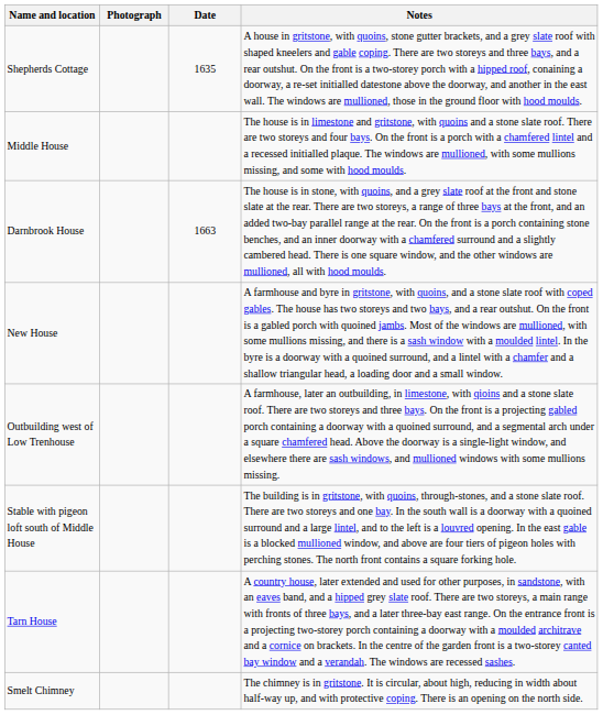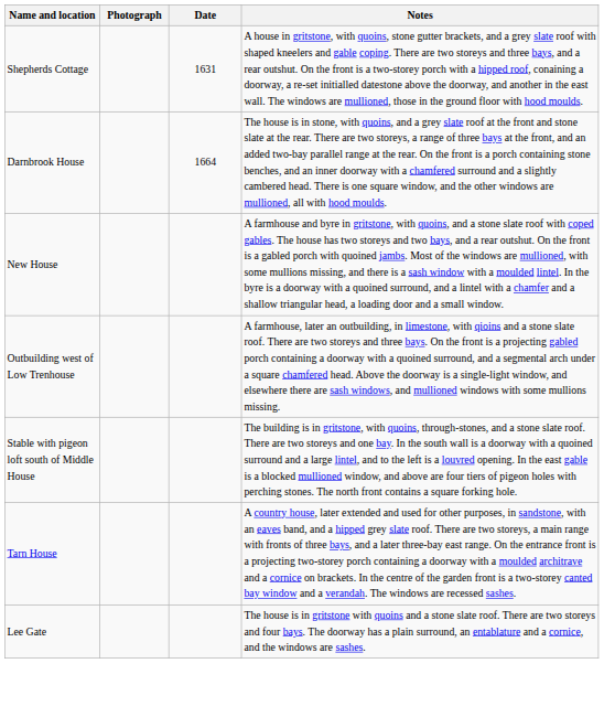 <table class="wikitable sortable plainrowheaders" style="width:100%;border:0px;text-align:left;line-height:150%;">
 <tr>
 <th scope="col"  style="width:150px">Name and location</th>
 <th scope="col"  style="width:100px" class="unsortable">Photograph</th>
 <th scope="col"  style="width:120px">Date</th>
 <th scope="col"  style="width:650px" class="unsortable">Notes</th>
 </tr>
 <tr>
 <td>Shepherds Cottage<br><small></small></td>
 <td></td>
-<td align="center">1635</td>
+<td align="center">1631</td>
 <td>A house in <a href='#'>gritstone</a>, with <a href='#'>quoins</a>, stone gutter brackets, and a grey <a href='#'>slate</a> roof with shaped kneelers and <a href='#'>gable</a> <a href='#'>coping</a>. There are two storeys and three <a href='#'> bays</a>, and a rear outshut. On the front is a two-storey porch with a <a href='#'>hipped roof</a>, conaining a doorway, a re-set initialled datestone above the doorway, and another in the east wall. The windows are <a href='#'>mullioned</a>, those in the ground floor with <a href='#'>hood moulds</a>.</td>
-</tr>
-<tr>
-<td>Middle House<br><small></small></td>
-<td></td>
-<td align="center"></td>
-<td>The house is in <a href='#'>limestone</a> and <a href='#'>gritstone</a>, with <a href='#'>quoins</a> and a stone slate roof. There are two storeys and four <a href='#'>bays</a>. On the front is a porch with a <a href='#'>chamfered</a> <a href='#'>lintel</a> and a recessed initialled plaque. The windows are <a href='#'>mullioned</a>, with some mullions missing, and some with <a href='#'>hood moulds</a>.</td>
 </tr>
 <tr>
 <td>Darnbrook House<br><small></small></td>
 <td></td>
-<td align="center">1663</td>
+<td align="center">1664</td>
 <td>The house is in stone, with <a href='#'>quoins</a>, and a grey <a href='#'>slate</a> roof at the front and stone slate at the rear. There are two storeys, a range of three <a href='#'>bays</a> at the front, and an added two-bay parallel range at the rear. On the front  is a porch containing stone benches, and an inner doorway with a <a href='#'>chamfered</a> surround and a slightly cambered head. There is one square window, and the other windows are <a href='#'>mullioned</a>, all with <a href='#'>hood moulds</a>.</td>
 </tr>
 <tr>
 <td>New House<br><small></small></td>
 <td></td>
 <td align="center"></td>
 <td>A farmhouse and byre in <a href='#'>gritstone</a>, with <a href='#'>quoins</a>, and a stone slate roof with <a href='#'>coped</a> <a href='#'>gables</a>. The house has two storeys and two <a href='#'>bays</a>, and a rear outshut. On the front is a gabled porch with quoined <a href='#'>jambs</a>. Most of the windows are <a href='#'>mullioned</a>, with some mullions missing, and there is a <a href='#'>sash window</a> with a <a href='#'>moulded</a> <a href='#'>lintel</a>. In the byre is a doorway with a quoined surround, and a lintel with a <a href='#'>chamfer</a> and a shallow triangular head, a loading door and a small window.</td>
 </tr>
 <tr>
 <td>Outbuilding west of Low Trenhouse<br><small></small></td>
 <td></td>
 <td align="center"></td>
 <td>A farmhouse, later an outbuilding, in <a href='#'>limestone</a>, with <a href='#'>qioins</a> and a stone slate roof. There are two storeys and three <a href='#'>bays</a>. On the front is a projecting <a href='#'>gabled</a> porch containing a doorway with a quoined surround, and a segmental arch under a square <a href='#'>chamfered</a> head. Above the doorway is a single-light window, and elsewhere there are <a href='#'>sash windows</a>, and <a href='#'>mullioned</a> windows with some mullions missing.</td>
 </tr>
 <tr>
 <td>Stable with pigeon loft south of Middle House<br><small></small></td>
 <td></td>
 <td align="center"></td>
 <td>The building is in <a href='#'>gritstone</a>, with <a href='#'>quoins</a>, through-stones, and a stone slate roof. There are two storeys and one <a href='#'>bay</a>. In the south wall is a doorway with a quoined surround and a large <a href='#'>lintel</a>, and to the left is a <a href='#'>louvred</a> opening. In the east <a href='#'>gable</a> is a blocked <a href='#'>mullioned</a> window, and above are four tiers of pigeon holes with perching stones. The north front contains a square forking hole.</td>
 </tr>
 <tr>
 <td><a href='#'>Tarn House</a><br><small></small></td>
 <td></td>
 <td align="center"></td>
 <td>A <a href='#'>country house</a>, later extended and used for other purposes, in <a href='#'>sandstone</a>, with an <a href='#'>eaves</a> band, and a <a href='#'>hipped</a> grey <a href='#'>slate</a> roof. There are two storeys, a main range with fronts of three <a href='#'>bays</a>, and a later three-bay east range. On the entrance front is a projecting two-storey porch containing a doorway with a <a href='#'>moulded</a> <a href='#'>architrave</a> and a <a href='#'>cornice</a> on brackets. In the centre of the garden front is a two-storey <a href='#'>canted</a> <a href='#'>bay window</a> and a <a href='#'>verandah</a>. The windows are recessed <a href='#'>sashes</a>.</td>
 </tr>
 <tr>
-<td>Smelt Chimney<br><small></small></td>
+<td>Lee Gate<br><small></small></td>
 <td></td>
 <td align="center"></td>
-<td>The chimney is in <a href='#'>gritstone</a>. It is circular, about  high, reducing in width about half-way up, and with protective <a href='#'>coping</a>. There is an opening on the north side.</td>
+<td>The house is in <a href='#'>gritstone</a> with <a href='#'>quoins</a> and a stone slate roof. There are two storeys and four <a href='#'>bays</a>. The doorway has a plain surround, an <a href='#'>entablature</a> and a <a href='#'>cornice</a>, and the windows are <a href='#'>sashes</a>.</td>
 </tr>
 <tr>
 </tr>
 </table>
